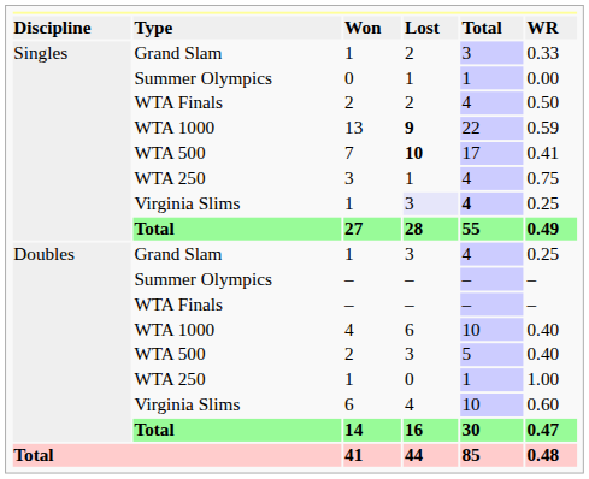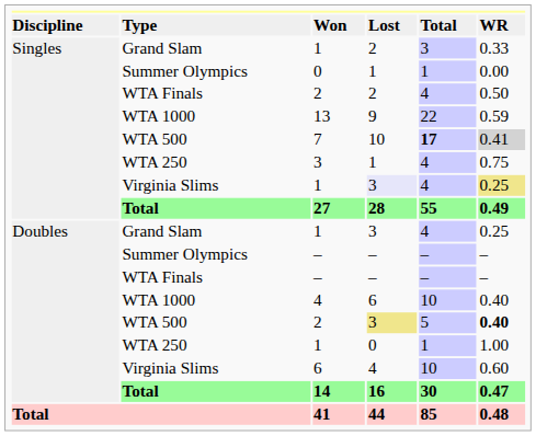 <table class="infobox vcard vevent nowrap" width="40%">
 <tr bgcolor=FFFF99>
 <th colspan=6></th>
 </tr>
 <tr style=background:#efefef;font-weight:bold>
 <td>Discipline</td>
 <td>Type</td>
 <td>Won</td>
 <td>Lost</td>
 <td>Total</td>
 <td>WR</td>
 </tr>
 <tr>
 <td rowspan="8" bgcolor="efefef">Singles</td>
 <td>Grand Slam</td>
 <td>1</td>
 <td>2</td>
 <td bgcolor="CCCCFF">3</td>
 <td>0.33</td>
 </tr>
 <tr>
 <td>Summer Olympics</td>
 <td>0</td>
 <td>1</td>
 <td bgcolor="CCCCFF">1</td>
 <td>0.00</td>
 </tr>
 <tr>
 <td>WTA Finals</td>
 <td>2</td>
 <td>2</td>
 <td bgcolor="CCCCFF">4</td>
 <td>0.50</td>
 </tr>
 <tr>
 <td>WTA 1000</td>
 <td>13</td>
-<td><strong>9</strong></td>
+<td>9</td>
 <td bgcolor="CCCCFF">22</td>
 <td>0.59</td>
 </tr>
 <tr>
 <td>WTA 500</td>
 <td>7</td>
-<td><strong>10</strong></td>
-<td bgcolor="CCCCFF">17</td>
-<td>0.41</td>
+<td>10</td>
+<td bgcolor="CCCCFF"><strong>17</strong></td>
+<td style="background: lightgrey;">0.41</td>
 </tr>
 <tr>
 <td>WTA 250</td>
 <td>3</td>
 <td>1</td>
 <td bgcolor="CCCCFF">4</td>
 <td>0.75</td>
 </tr>
 <tr>
 <td>Virginia Slims</td>
 <td>1</td>
 <td style="background: lavender;">3</td>
-<td bgcolor="CCCCFF"><strong>4</strong></td>
-<td>0.25</td>
+<td bgcolor="CCCCFF">4</td>
+<td style="background: khaki;">0.25</td>
 </tr>
 <tr style="background:#98FB98;font-weight:bold">
 <td><strong>Total</strong></td>
 <td>27</td>
 <td>28</td>
 <td>55</td>
 <td>0.49</td>
 </tr>
 <tr>
 <td rowspan="8" bgcolor="efefef">Doubles</td>
 <td>Grand Slam</td>
 <td>1</td>
 <td>3</td>
 <td bgcolor="CCCCFF">4</td>
 <td>0.25</td>
 </tr>
 <tr>
 <td>Summer Olympics</td>
 <td>–</td>
 <td>–</td>
 <td bgcolor="CCCCFF">–</td>
 <td>–</td>
 </tr>
 <tr>
 <td>WTA Finals</td>
 <td>–</td>
 <td>–</td>
 <td bgcolor="CCCCFF">–</td>
 <td>–</td>
 </tr>
 <tr>
 <td>WTA 1000</td>
 <td>4</td>
 <td>6</td>
 <td bgcolor="CCCCFF">10</td>
 <td>0.40</td>
 </tr>
 <tr>
 <td>WTA 500</td>
 <td>2</td>
-<td>3</td>
+<td style="background: khaki;">3</td>
 <td bgcolor="CCCCFF">5</td>
-<td>0.40</td>
+<td><strong>0.40</strong></td>
 </tr>
 <tr>
 <td>WTA 250</td>
 <td>1</td>
 <td>0</td>
 <td bgcolor="CCCCFF">1</td>
 <td>1.00</td>
 </tr>
 <tr>
 <td>Virginia Slims</td>
 <td>6</td>
 <td>4</td>
 <td bgcolor="CCCCFF">10</td>
 <td>0.60</td>
 </tr>
 <tr style="background:#98FB98;font-weight:bold">
 <td><strong>Total</strong></td>
 <td>14</td>
 <td>16</td>
 <td>30</td>
 <td>0.47</td>
 </tr>
 <tr style="background:#FCC;font-weight:bold">
 <td colspan="2"><strong>Total</strong></td>
 <td>41</td>
 <td>44</td>
 <td>85</td>
 <td>0.48</td>
 </tr>
 </table>
